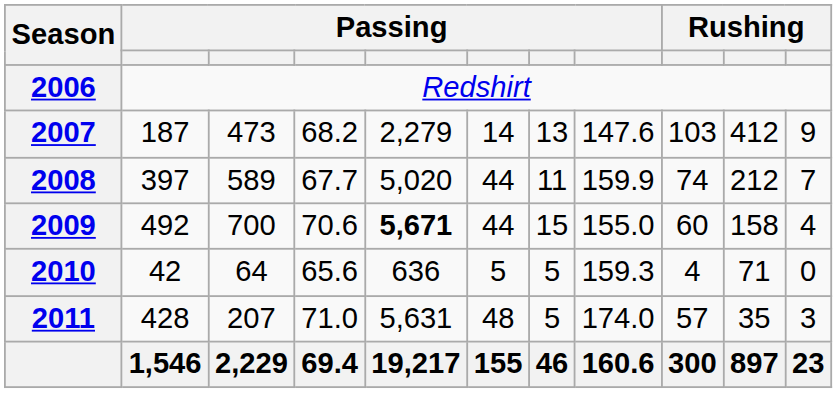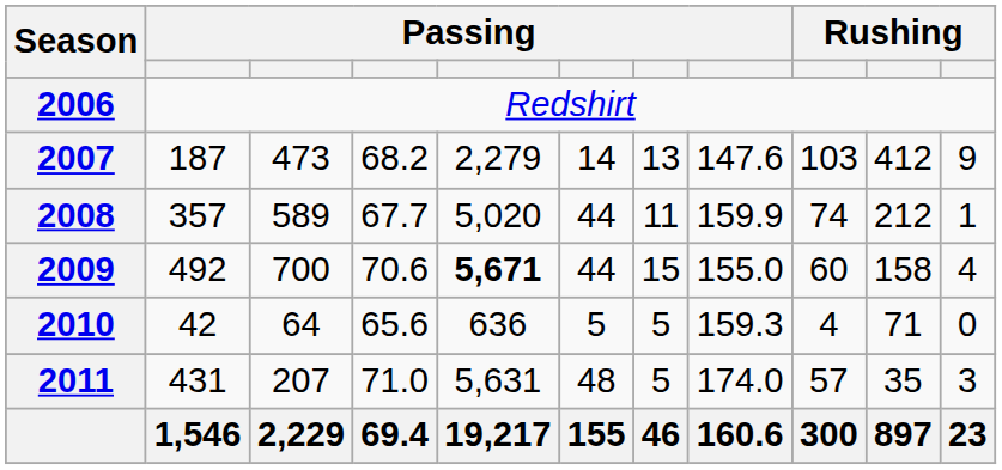 <table class="wikitable" style="text-align:center;">
 <tr>
 <th rowspan="2">Season</th>
 <th colspan="7">Passing</th>
 <th colspan="3">Rushing</th>
 </tr>
 <tr>
 <th></th>
 <th></th>
 <th></th>
 <th></th>
 <th></th>
 <th></th>
 <th></th>
 <th></th>
 <th></th>
 <th></th>
 </tr>
 <tr>
 <th><a href='#'>2006</a></th>
 <td colspan="10"> <em><a href='#'>Redshirt</a></em></td>
 </tr>
 <tr>
 <th><a href='#'>2007</a></th>
 <td>187</td>
 <td>473</td>
 <td>68.2</td>
 <td>2,279</td>
 <td>14</td>
 <td>13</td>
 <td>147.6</td>
 <td>103</td>
 <td>412</td>
 <td>9</td>
 </tr>
 <tr>
 <th><a href='#'>2008</a></th>
-<td>397</td>
+<td>357</td>
 <td>589</td>
 <td>67.7</td>
 <td>5,020</td>
 <td>44</td>
 <td>11</td>
 <td>159.9</td>
 <td>74</td>
 <td>212</td>
-<td>7</td>
+<td>1</td>
 </tr>
 <tr>
 <th><a href='#'>2009</a></th>
 <td>492</td>
 <td>700</td>
 <td>70.6</td>
 <td><strong>5,671</strong></td>
 <td>44</td>
 <td>15</td>
 <td>155.0</td>
 <td>60</td>
 <td>158</td>
 <td>4</td>
 </tr>
 <tr>
 <th><a href='#'>2010</a></th>
 <td>42</td>
 <td>64</td>
 <td>65.6</td>
 <td>636</td>
 <td>5</td>
 <td>5</td>
 <td>159.3</td>
 <td>4</td>
 <td>71</td>
 <td>0</td>
 </tr>
 <tr>
 <th><a href='#'>2011</a></th>
-<td>428</td>
+<td>431</td>
 <td>207</td>
 <td>71.0</td>
 <td>5,631</td>
 <td>48</td>
 <td>5</td>
 <td>174.0</td>
 <td>57</td>
 <td>35</td>
 <td>3</td>
 </tr>
 <tr>
 <th></th>
 <th>1,546</th>
 <th>2,229</th>
 <th>69.4</th>
 <th>19,217</th>
 <th>155</th>
 <th>46</th>
 <th>160.6</th>
 <th>300</th>
 <th>897</th>
 <th>23</th>
 </tr>
 </table>
